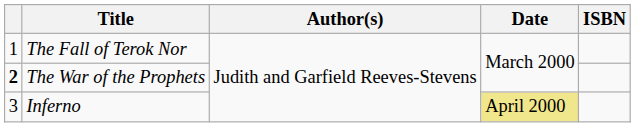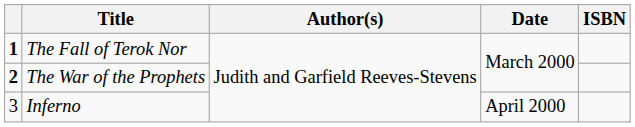 <table class="wikitable">
 <tr>
 <th></th>
 <th>Title</th>
 <th>Author(s)</th>
 <th>Date</th>
 <th>ISBN</th>
 </tr>
 <tr>
-<td>1</td>
+<td><strong>1</strong></td>
 <td><em>The Fall of Terok Nor</em></td>
 <td rowspan="3">Judith and Garfield Reeves-Stevens</td>
 <td rowspan="2">March 2000</td>
 <td></td>
 </tr>
 <tr>
 <td><strong>2</strong></td>
 <td><em>The War of the Prophets</em></td>
 <td></td>
 </tr>
 <tr>
 <td>3</td>
 <td><em>Inferno</em></td>
-<td style="background: khaki;">April 2000</td>
+<td>April 2000</td>
 <td></td>
 </tr>
 </table>
